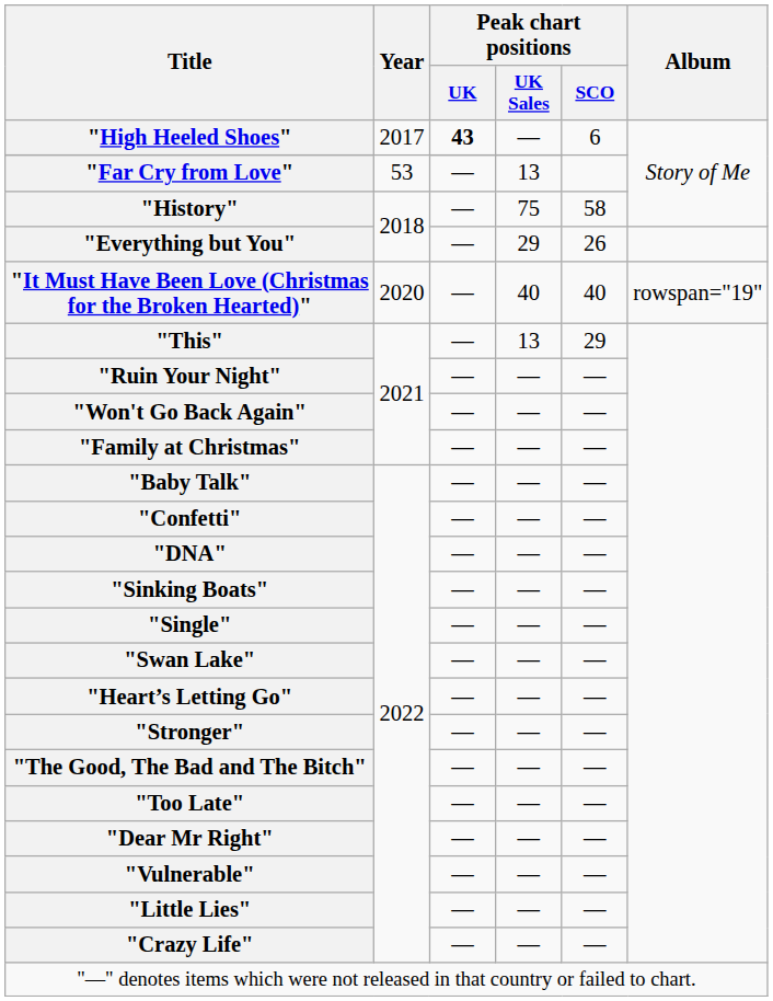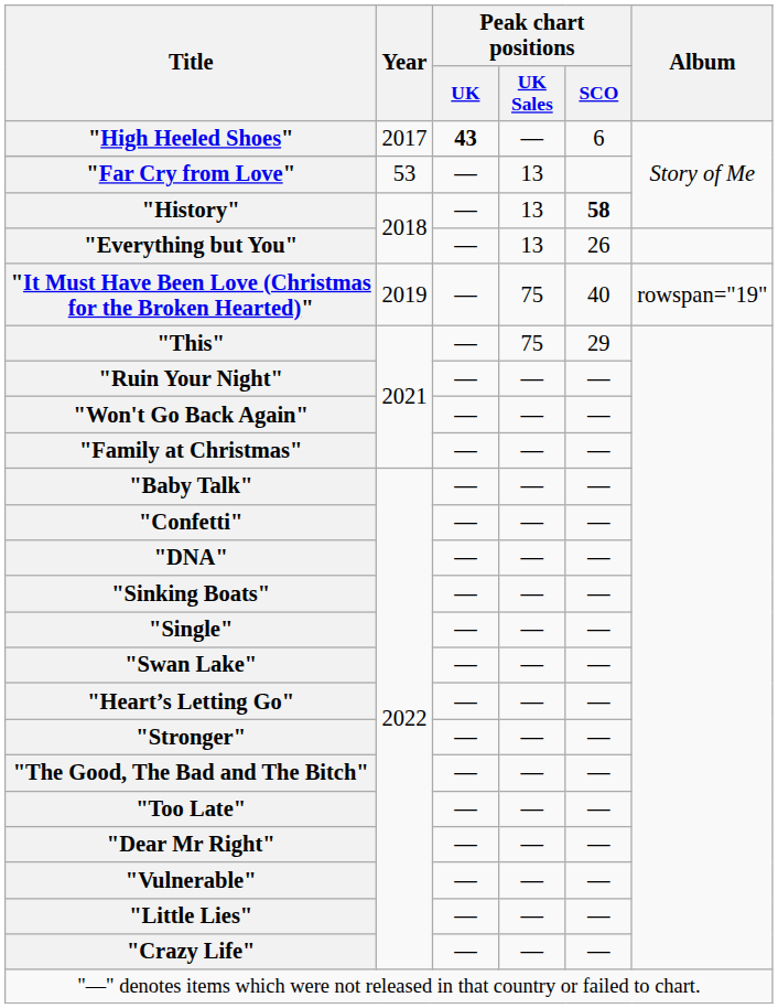 <table class="wikitable plainrowheaders" style="text-align:center;">
 <tr>
 <th scope="col" rowspan="2" style="width:16em;">Title</th>
 <th scope="col" rowspan="2" style="width:1em;">Year</th>
 <th scope="col" colspan="3">Peak chart positions</th>
 <th scope="col" rowspan="2">Album</th>
 </tr>
 <tr>
 <th scope="col" style="width:3em;font-size:85%;"><a href='#'>UK</a><br></th>
 <th scope="col" style="width:3em;font-size:85%;"><a href='#'>UK Sales</a><br></th>
 <th scope="col" style="width:3em;font-size:85%;"><a href='#'>SCO</a><br></th>
 </tr>
 <tr>
 <th scope="row">"<a href='#'>High Heeled Shoes</a>"</th>
 <td rowspan="2">2017</td>
 <td><strong>43</strong></td>
 <td>—</td>
 <td>6</td>
 <td rowspan="4"><em>Story of Me</em></td>
 </tr>
 <tr>
 </tr>
 <tr>
 <th scope="row">"<a href='#'>Far Cry from Love</a>"</th>
 <td>53</td>
 <td>—</td>
 <td>13</td>
 </tr>
 <tr>
 <th scope="row">"History"</th>
 <td rowspan="2">2018</td>
 <td>—</td>
-<td>75</td>
-<td>58</td>
+<td>13</td>
+<td><strong>58</strong></td>
 </tr>
 <tr>
 <th scope="row">"Everything but You"</th>
 <td>—</td>
-<td>29</td>
+<td>13</td>
 <td>26</td>
 </tr>
 <tr>
 <th scope="row">"<a href='#'>It Must Have Been Love (Christmas for the Broken Hearted)</a>"</th>
-<td>2020</td>
+<td>2019</td>
 <td>—</td>
-<td>40</td>
+<td>75</td>
 <td>40</td>
 <td>rowspan="19" </td>
 </tr>
 <tr>
 <th scope="row">"This"</th>
 <td rowspan="4">2021</td>
 <td>—</td>
-<td>13</td>
+<td>75</td>
 <td>29</td>
 </tr>
 <tr>
 <th scope="row">"Ruin Your Night"</th>
 <td>—</td>
 <td>—</td>
 <td>—</td>
 </tr>
 <tr>
 <th scope="row">"Won't Go Back Again"</th>
 <td>—</td>
 <td>—</td>
 <td>—</td>
 </tr>
 <tr>
 <th scope="row">"Family at Christmas"</th>
 <td>—</td>
 <td>—</td>
 <td>—</td>
 </tr>
 <tr>
 <th scope="row">"Baby Talk"</th>
 <td rowspan="14">2022</td>
 <td>—</td>
 <td>—</td>
 <td>—</td>
 </tr>
 <tr>
 <th scope="row">"Confetti"</th>
 <td>—</td>
 <td>—</td>
 <td>—</td>
 </tr>
 <tr>
 <th scope="row">"DNA"</th>
 <td>—</td>
 <td>—</td>
 <td>—</td>
 </tr>
 <tr>
 <th scope="row">"Sinking Boats"</th>
 <td>—</td>
 <td>—</td>
 <td>—</td>
 </tr>
 <tr>
 <th scope="row">"Single"</th>
 <td>—</td>
 <td>—</td>
 <td>—</td>
 </tr>
 <tr>
 <th scope="row">"Swan Lake"</th>
 <td>—</td>
 <td>—</td>
 <td>—</td>
 </tr>
 <tr>
 <th scope="row">"Heart’s Letting Go"</th>
 <td>—</td>
 <td>—</td>
 <td>—</td>
 </tr>
 <tr>
 <th scope="row">"Stronger"</th>
 <td>—</td>
 <td>—</td>
 <td>—</td>
 </tr>
 <tr>
 <th scope="row">"The Good, The Bad and The Bitch"</th>
 <td>—</td>
 <td>—</td>
 <td>—</td>
 </tr>
 <tr>
 <th scope="row">"Too Late"</th>
 <td>—</td>
 <td>—</td>
 <td>—</td>
 </tr>
 <tr>
 <th scope="row">"Dear Mr Right"</th>
 <td>—</td>
 <td>—</td>
 <td>—</td>
 </tr>
 <tr>
 <th scope="row">"Vulnerable"</th>
 <td>—</td>
 <td>—</td>
 <td>—</td>
 </tr>
 <tr>
 <th scope="row">"Little Lies"</th>
 <td>—</td>
 <td>—</td>
 <td>—</td>
 </tr>
 <tr>
 <th scope="row">"Crazy Life"</th>
 <td>—</td>
 <td>—</td>
 <td>—</td>
 </tr>
 <tr>
 <td colspan="6" style="font-size:90%;">"—" denotes items which were not released in that country or failed to chart.</td>
 </tr>
 </table>
